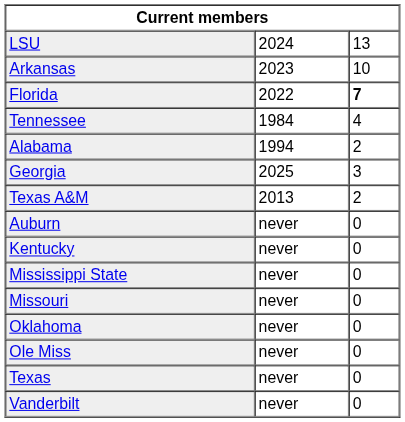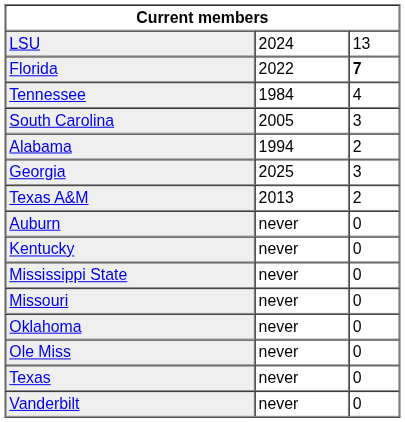 <table border="1" cellpadding="3" cellspacing="0" align="right" width="400px">
 <tr>
 </tr>
 <tr>
 <td colspan=3 align="center"><strong>Current members</strong></td>
 </tr>
 <tr>
 <td bgcolor="#efefef"><a href='#'>LSU</a></td>
 <td>2024</td>
 <td>13</td>
 </tr>
 <tr>
-<td bgcolor="#efefef"><a href='#'>Arkansas</a></td>
-<td>2023</td>
-<td>10</td>
-</tr>
-<tr>
 <td bgcolor=#efefef><a href='#'>Florida</a></td>
 <td>2022</td>
 <td><strong>7</strong></td>
 </tr>
 <tr>
 <td bgcolor="#efefef"><a href='#'>Tennessee</a></td>
 <td>1984</td>
 <td>4</td>
+</tr>
+<tr>
+<td bgcolor="#efefef"><a href='#'>South Carolina</a></td>
+<td>2005</td>
+<td>3</td>
 </tr>
 <tr>
 <td bgcolor="#efefef"><a href='#'>Alabama</a></td>
 <td>1994</td>
 <td>2</td>
 </tr>
 <tr>
 <td bgcolor="#efefef"><a href='#'>Georgia</a></td>
 <td>2025</td>
 <td>3</td>
 </tr>
 <tr>
 <td bgcolor="#efefef"><a href='#'>Texas A&M</a></td>
 <td>2013</td>
 <td>2</td>
 </tr>
 <tr>
 <td bgcolor="#efefef"><a href='#'>Auburn</a></td>
 <td>never</td>
 <td>0</td>
 </tr>
 <tr>
 <td bgcolor="#efefef"><a href='#'>Kentucky</a></td>
 <td>never</td>
 <td>0</td>
 </tr>
 <tr>
 <td bgcolor="#efefef"><a href='#'>Mississippi State</a></td>
 <td>never</td>
 <td>0</td>
 </tr>
 <tr>
 <td bgcolor="#efefef"><a href='#'>Missouri</a></td>
 <td>never</td>
 <td>0</td>
 </tr>
 <tr>
 <td bgcolor="#efefef"><a href='#'>Oklahoma</a></td>
 <td>never</td>
 <td>0</td>
 </tr>
 <tr>
 <td bgcolor="#efefef"><a href='#'>Ole Miss</a></td>
 <td>never</td>
 <td>0</td>
 </tr>
 <tr>
 <td bgcolor="#efefef"><a href='#'>Texas</a></td>
 <td>never</td>
 <td>0</td>
 </tr>
 <tr>
 <td bgcolor="#efefef"><a href='#'>Vanderbilt</a></td>
 <td>never</td>
 <td>0</td>
 </tr>
 </table>
